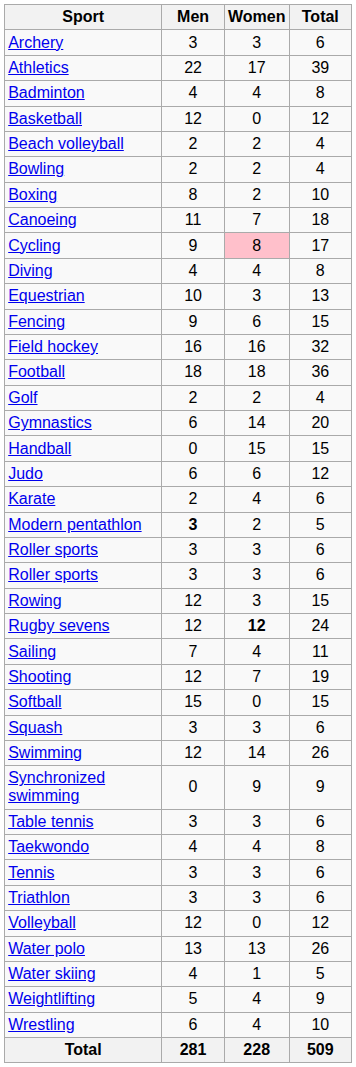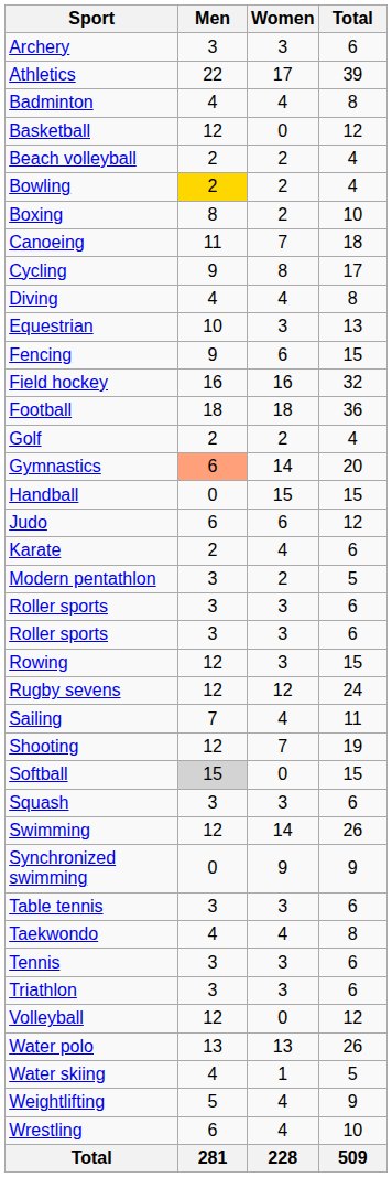 <table class="wikitable sortable" style="text-align:center">
 <tr>
 <th width=150>Sport</th>
 <th width=55>Men</th>
 <th width=55>Women</th>
 <th width=55>Total</th>
 </tr>
 <tr>
 <td align=left><a href='#'>Archery</a></td>
 <td>3</td>
 <td>3</td>
 <td>6</td>
 </tr>
 <tr>
 <td align=left><a href='#'>Athletics</a></td>
 <td>22</td>
 <td>17</td>
 <td>39</td>
 </tr>
 <tr>
 <td align=left><a href='#'>Badminton</a></td>
 <td>4</td>
 <td>4</td>
 <td>8</td>
 </tr>
 <tr>
 <td align=left><a href='#'>Basketball</a></td>
 <td>12</td>
 <td>0</td>
 <td>12</td>
 </tr>
 <tr>
 <td align=left><a href='#'>Beach volleyball</a></td>
 <td>2</td>
 <td>2</td>
 <td>4</td>
 </tr>
 <tr>
 <td align=left><a href='#'>Bowling</a></td>
-<td>2</td>
+<td style="background: gold;">2</td>
 <td>2</td>
 <td>4</td>
 </tr>
 <tr>
 <td align=left><a href='#'>Boxing</a></td>
 <td>8</td>
 <td>2</td>
 <td>10</td>
 </tr>
 <tr>
 <td align=left><a href='#'>Canoeing</a></td>
 <td>11</td>
 <td>7</td>
 <td>18</td>
 </tr>
 <tr>
 <td align=left><a href='#'>Cycling</a></td>
 <td>9</td>
-<td style="background: pink;">8</td>
+<td>8</td>
 <td>17</td>
 </tr>
 <tr>
 <td align=left><a href='#'>Diving</a></td>
 <td>4</td>
 <td>4</td>
 <td>8</td>
 </tr>
 <tr>
 <td align=left><a href='#'>Equestrian</a></td>
 <td>10</td>
 <td>3</td>
 <td>13</td>
 </tr>
 <tr>
 <td align=left><a href='#'>Fencing</a></td>
 <td>9</td>
 <td>6</td>
 <td>15</td>
 </tr>
 <tr>
 <td align=left><a href='#'>Field hockey</a></td>
 <td>16</td>
 <td>16</td>
 <td>32</td>
 </tr>
 <tr>
 <td align=left><a href='#'>Football</a></td>
 <td>18</td>
 <td>18</td>
 <td>36</td>
 </tr>
 <tr>
 <td align=left><a href='#'>Golf</a></td>
 <td>2</td>
 <td>2</td>
 <td>4</td>
 </tr>
 <tr>
 <td align=left><a href='#'>Gymnastics</a></td>
-<td>6</td>
+<td style="background: lightsalmon;">6</td>
 <td>14</td>
 <td>20</td>
 </tr>
 <tr>
 <td align=left><a href='#'>Handball</a></td>
 <td>0</td>
 <td>15</td>
 <td>15</td>
 </tr>
 <tr>
 <td align=left><a href='#'>Judo</a></td>
 <td>6</td>
 <td>6</td>
 <td>12</td>
 </tr>
 <tr>
 <td align=left><a href='#'>Karate</a></td>
 <td>2</td>
 <td>4</td>
 <td>6</td>
 </tr>
 <tr>
 <td align=left><a href='#'>Modern pentathlon</a></td>
-<td><strong>3</strong></td>
+<td>3</td>
 <td>2</td>
 <td>5</td>
 </tr>
 <tr>
 <td align=left><a href='#'>Roller sports</a></td>
 <td>3</td>
 <td>3</td>
 <td>6</td>
 </tr>
 <tr>
 <td align=left><a href='#'>Roller sports</a></td>
 <td>3</td>
 <td>3</td>
 <td>6</td>
 </tr>
 <tr>
 <td align=left><a href='#'>Rowing</a></td>
 <td>12</td>
 <td>3</td>
 <td>15</td>
 </tr>
 <tr>
 <td align=left><a href='#'>Rugby sevens</a></td>
 <td>12</td>
-<td><strong>12</strong></td>
+<td>12</td>
 <td>24</td>
 </tr>
 <tr>
 <td align=left><a href='#'>Sailing</a></td>
 <td>7</td>
 <td>4</td>
 <td>11</td>
 </tr>
 <tr>
 <td align=left><a href='#'>Shooting</a></td>
 <td>12</td>
 <td>7</td>
 <td>19</td>
 </tr>
 <tr>
 <td align=left><a href='#'>Softball</a></td>
-<td>15</td>
+<td style="background: lightgrey;">15</td>
 <td>0</td>
 <td>15</td>
 </tr>
 <tr>
 <td align=left><a href='#'>Squash</a></td>
 <td>3</td>
 <td>3</td>
 <td>6</td>
 </tr>
 <tr>
 <td align=left><a href='#'>Swimming</a></td>
 <td>12</td>
 <td>14</td>
 <td>26</td>
 </tr>
 <tr>
 <td align=left><a href='#'>Synchronized swimming</a></td>
 <td>0</td>
 <td>9</td>
 <td>9</td>
 </tr>
 <tr>
 <td align=left><a href='#'>Table tennis</a></td>
 <td>3</td>
 <td>3</td>
 <td>6</td>
 </tr>
 <tr>
 <td align=left><a href='#'>Taekwondo</a></td>
 <td>4</td>
 <td>4</td>
 <td>8</td>
 </tr>
 <tr>
 <td align=left><a href='#'>Tennis</a></td>
 <td>3</td>
 <td>3</td>
 <td>6</td>
 </tr>
 <tr>
 <td align=left><a href='#'>Triathlon</a></td>
 <td>3</td>
 <td>3</td>
 <td>6</td>
 </tr>
 <tr>
 <td align=left><a href='#'>Volleyball</a></td>
 <td>12</td>
 <td>0</td>
 <td>12</td>
 </tr>
 <tr>
 <td align=left><a href='#'>Water polo</a></td>
 <td>13</td>
 <td>13</td>
 <td>26</td>
 </tr>
 <tr>
 <td align=left><a href='#'>Water skiing</a></td>
 <td>4</td>
 <td>1</td>
 <td>5</td>
 </tr>
 <tr>
 <td align=left><a href='#'>Weightlifting</a></td>
 <td>5</td>
 <td>4</td>
 <td>9</td>
 </tr>
 <tr>
 <td align=left><a href='#'>Wrestling</a></td>
 <td>6</td>
 <td>4</td>
 <td>10</td>
 </tr>
 <tr class="sortbottom">
 <th>Total</th>
 <th>281</th>
 <th>228</th>
 <th>509</th>
 </tr>
 </table>
